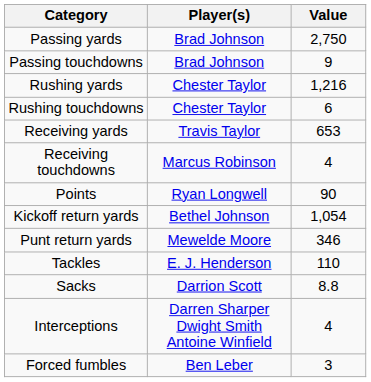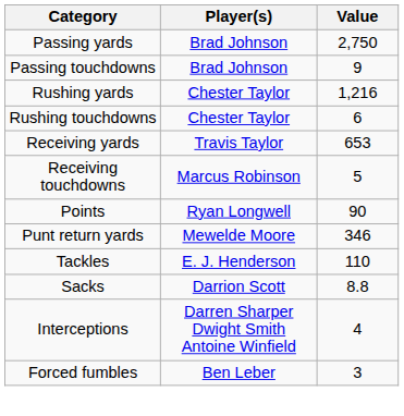 <table class="wikitable" style="text-align:center">
 <tr>
 <th width=150px>Category</th>
 <th width=150px>Player(s)</th>
 <th width=75px>Value</th>
 </tr>
 <tr>
 <td>Passing yards</td>
 <td><a href='#'>Brad Johnson</a></td>
 <td>2,750</td>
 </tr>
 <tr>
 <td>Passing touchdowns</td>
 <td><a href='#'>Brad Johnson</a></td>
 <td>9</td>
 </tr>
 <tr>
 <td>Rushing yards</td>
 <td><a href='#'>Chester Taylor</a></td>
 <td>1,216</td>
 </tr>
 <tr>
 <td>Rushing touchdowns</td>
 <td><a href='#'>Chester Taylor</a></td>
 <td>6</td>
 </tr>
 <tr>
 <td>Receiving yards</td>
 <td><a href='#'>Travis Taylor</a></td>
 <td>653</td>
 </tr>
 <tr>
 <td>Receiving touchdowns</td>
 <td><a href='#'>Marcus Robinson</a></td>
-<td>4</td>
+<td>5</td>
 </tr>
 <tr>
 <td>Points</td>
 <td><a href='#'>Ryan Longwell</a></td>
 <td>90</td>
-</tr>
-<tr>
-<td>Kickoff return yards</td>
-<td><a href='#'>Bethel Johnson</a></td>
-<td>1,054</td>
 </tr>
 <tr>
 <td>Punt return yards</td>
 <td><a href='#'>Mewelde Moore</a></td>
 <td>346</td>
 </tr>
 <tr>
 <td>Tackles</td>
 <td><a href='#'>E. J. Henderson</a></td>
 <td>110</td>
 </tr>
 <tr>
 <td>Sacks</td>
 <td><a href='#'>Darrion Scott</a></td>
 <td>8.8</td>
 </tr>
 <tr>
 <td>Interceptions</td>
 <td><a href='#'>Darren Sharper</a> <br> <a href='#'>Dwight Smith</a> <br> <a href='#'>Antoine Winfield</a></td>
 <td>4</td>
 </tr>
 <tr>
 <td>Forced fumbles</td>
 <td><a href='#'>Ben Leber</a></td>
 <td>3</td>
 </tr>
 </table>
